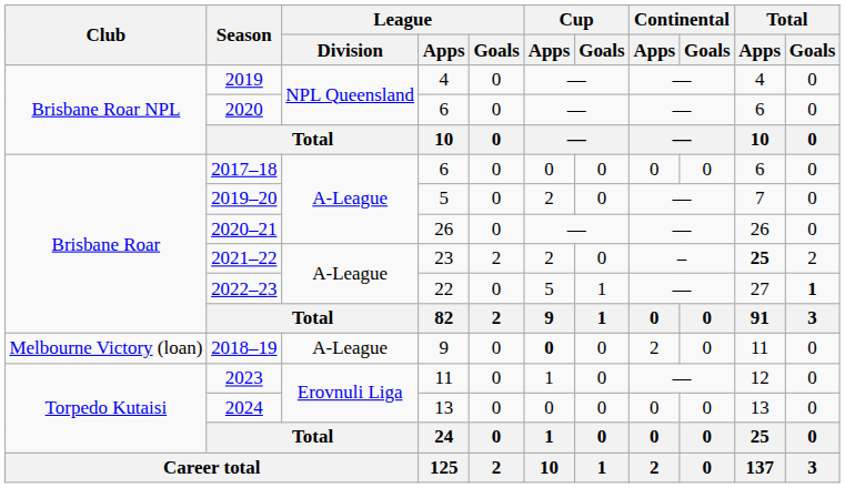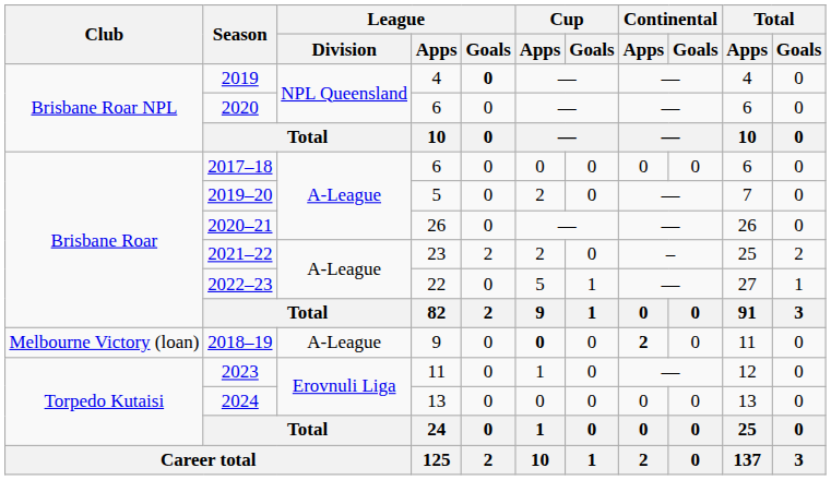 <table class="wikitable" style="text-align:center">
 <tr>
 <th rowspan="2">Club</th>
 <th rowspan="2">Season</th>
 <th colspan="3">League</th>
 <th colspan="2">Cup</th>
 <th colspan="2">Continental</th>
 <th colspan="2">Total</th>
 </tr>
 <tr>
 <th>Division</th>
 <th>Apps</th>
 <th>Goals</th>
 <th>Apps</th>
 <th>Goals</th>
 <th>Apps</th>
 <th>Goals</th>
 <th>Apps</th>
 <th>Goals</th>
 </tr>
 <tr>
 <td rowspan="3"><a href='#'>Brisbane Roar NPL</a></td>
 <td><a href='#'>2019</a></td>
 <td rowspan="2"><a href='#'>NPL Queensland</a></td>
 <td>4</td>
-<td>0</td>
+<td><strong>0</strong></td>
 <td colspan="2">—</td>
 <td colspan="2">—</td>
 <td>4</td>
 <td>0</td>
 </tr>
 <tr>
 <td><a href='#'>2020</a></td>
 <td>6</td>
 <td>0</td>
 <td colspan="2">—</td>
 <td colspan="2">—</td>
 <td>6</td>
 <td>0</td>
 </tr>
 <tr>
 <th colspan="2">Total</th>
 <th>10</th>
 <th>0</th>
 <th colspan="2">—</th>
 <th colspan="2">—</th>
 <th>10</th>
 <th>0</th>
 </tr>
 <tr>
 <td rowspan="6"><a href='#'>Brisbane Roar</a></td>
 <td><a href='#'>2017–18</a></td>
 <td rowspan="3"><a href='#'>A-League</a></td>
 <td>6</td>
 <td>0</td>
 <td>0</td>
 <td>0</td>
 <td>0</td>
 <td>0</td>
 <td>6</td>
 <td>0</td>
 </tr>
 <tr>
 <td><a href='#'>2019–20</a></td>
 <td>5</td>
 <td>0</td>
 <td>2</td>
 <td>0</td>
 <td colspan="2">—</td>
 <td>7</td>
 <td>0</td>
 </tr>
 <tr>
 <td><a href='#'>2020–21</a></td>
 <td>26</td>
 <td>0</td>
 <td colspan="2">—</td>
 <td colspan="2">—</td>
 <td>26</td>
 <td>0</td>
 </tr>
 <tr>
 <td><a href='#'>2021–22</a></td>
 <td rowspan="2">A-League</td>
 <td>23</td>
 <td>2</td>
 <td>2</td>
 <td>0</td>
 <td colspan="2">–</td>
-<td><strong>25</strong></td>
+<td>25</td>
 <td>2</td>
 </tr>
 <tr>
 <td><a href='#'>2022–23</a></td>
 <td>22</td>
 <td>0</td>
 <td>5</td>
 <td>1</td>
 <td colspan="2">—</td>
 <td>27</td>
-<td><strong>1</strong></td>
+<td>1</td>
 </tr>
 <tr>
 <th colspan="2">Total</th>
 <th>82</th>
 <th>2</th>
 <th>9</th>
 <th>1</th>
 <th>0</th>
 <th>0</th>
 <th>91</th>
 <th>3</th>
 </tr>
 <tr>
 <td><a href='#'>Melbourne Victory</a> (loan)</td>
 <td><a href='#'>2018–19</a></td>
 <td>A-League</td>
 <td>9</td>
 <td>0</td>
 <td><strong>0</strong></td>
 <td>0</td>
-<td>2</td>
+<td><strong>2</strong></td>
 <td>0</td>
 <td>11</td>
 <td>0</td>
 </tr>
 <tr>
 <td rowspan="3"><a href='#'>Torpedo Kutaisi</a></td>
 <td><a href='#'>2023</a></td>
 <td rowspan="2"><a href='#'>Erovnuli Liga</a></td>
 <td>11</td>
 <td>0</td>
 <td>1</td>
 <td>0</td>
 <td colspan="2">—</td>
 <td>12</td>
 <td>0</td>
 </tr>
 <tr>
 <td><a href='#'>2024</a></td>
 <td>13</td>
 <td>0</td>
 <td>0</td>
 <td>0</td>
 <td>0</td>
 <td>0</td>
 <td>13</td>
 <td>0</td>
 </tr>
 <tr>
 <th colspan="2">Total</th>
 <th>24</th>
 <th>0</th>
 <th>1</th>
 <th>0</th>
 <th>0</th>
 <th>0</th>
 <th>25</th>
 <th>0</th>
 </tr>
 <tr>
 <th colspan="3">Career total</th>
 <th>125</th>
 <th>2</th>
 <th>10</th>
 <th>1</th>
 <th>2</th>
 <th>0</th>
 <th>137</th>
 <th>3</th>
 </tr>
 </table>
